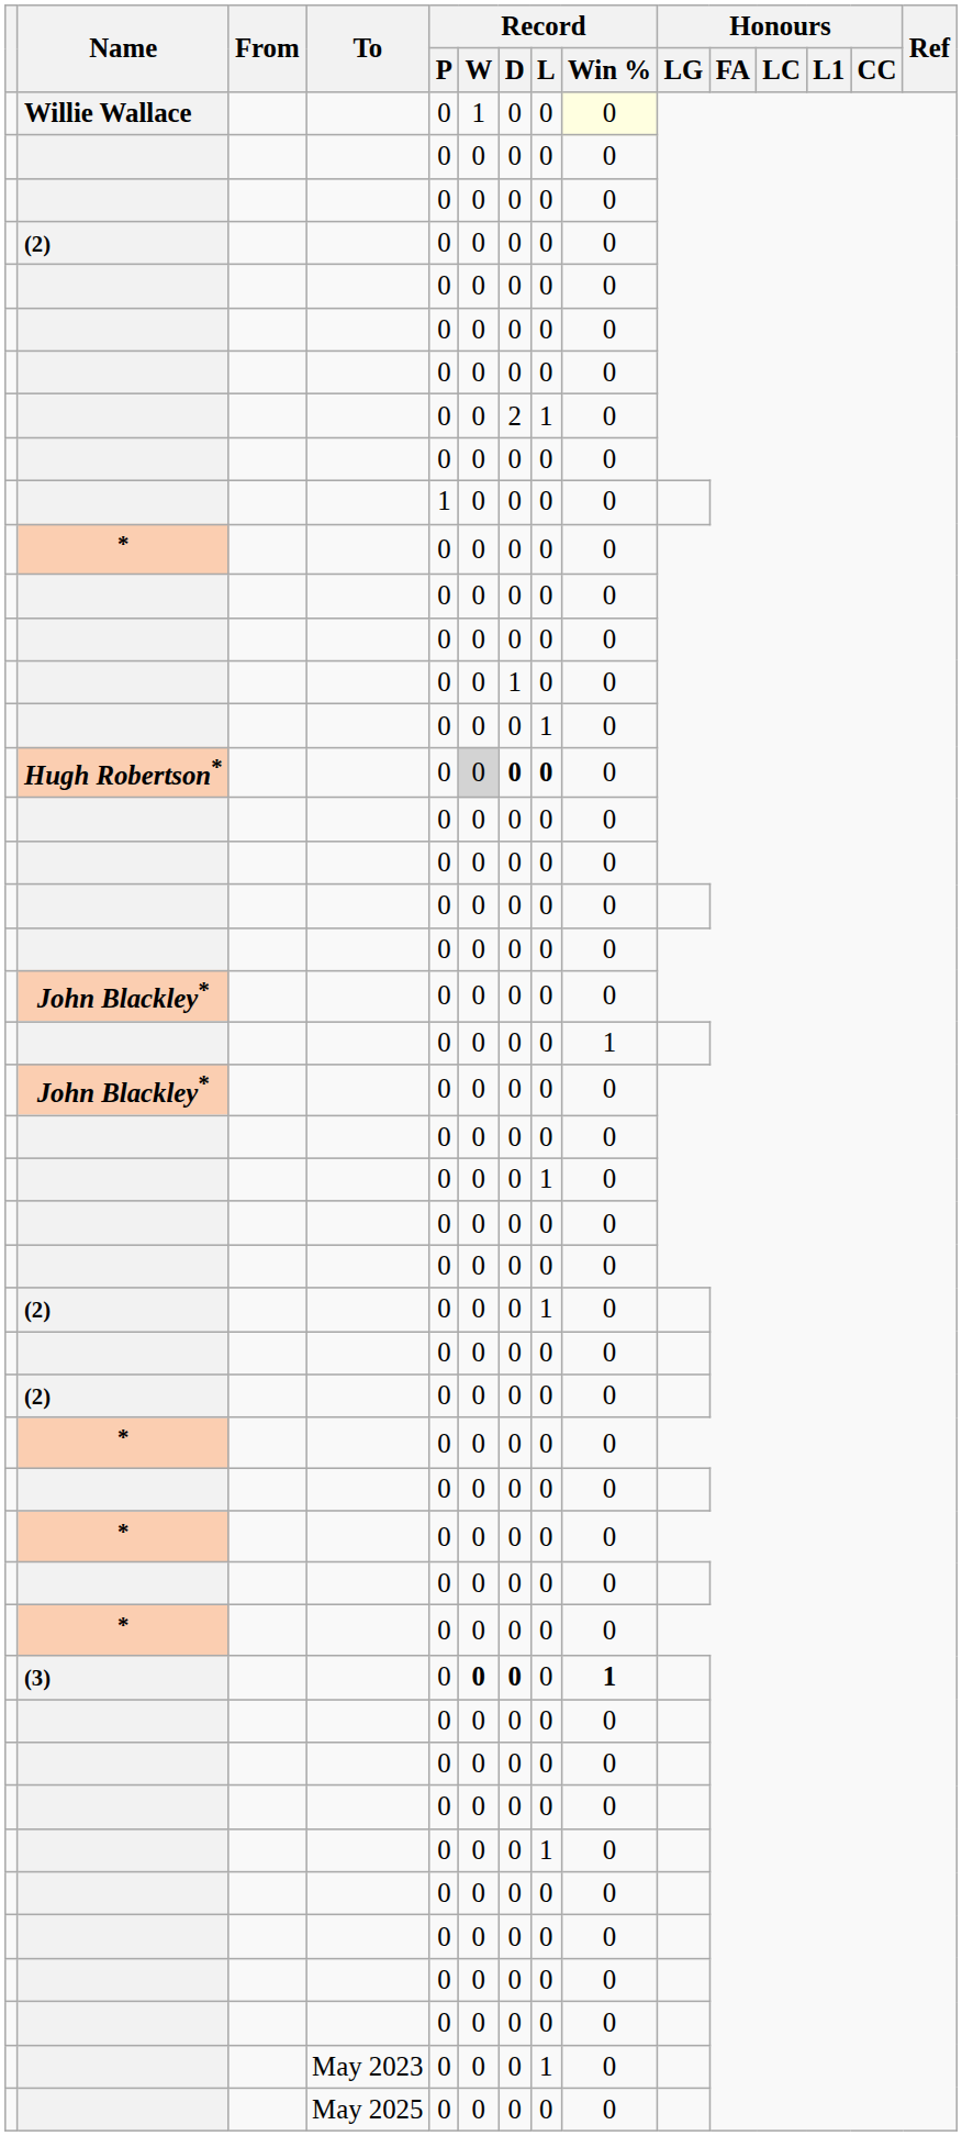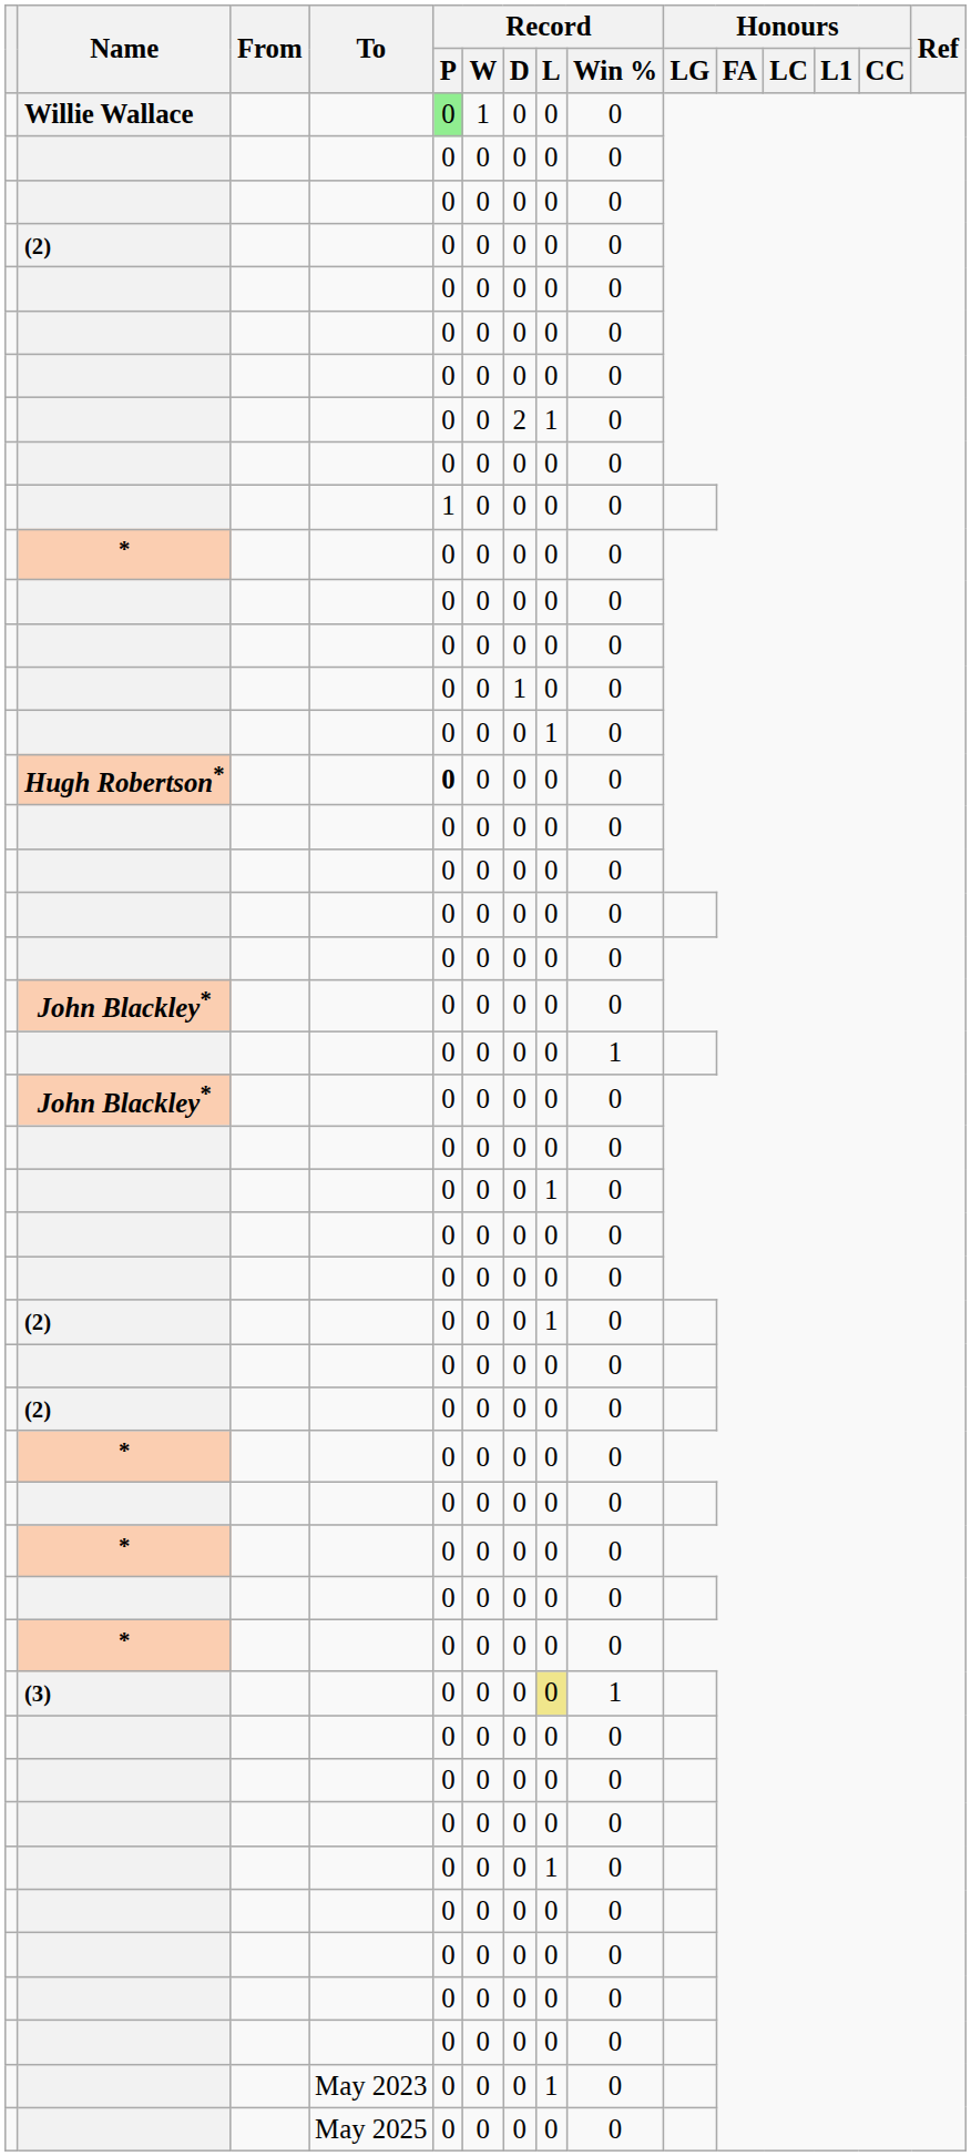 <table class="wikitable plainrowheaders sortable" style="text-align:center">
 <tr>
 <th rowspan="2" scope=col></th>
 <th rowspan="2" scope=col>Name</th>
 <th rowspan="2" scope=col>From</th>
 <th rowspan="2" class="unsortable" scope=col>To</th>
 <th colspan="5">Record</th>
 <th colspan="5">Honours</th>
 <th rowspan="2" class="unsortable">Ref</th>
 </tr>
 <tr>
 <th scope=col>P</th>
 <th scope=col>W</th>
 <th scope=col>D</th>
 <th scope=col>L</th>
 <th scope=col>Win %</th>
 <th scope=col>LG</th>
 <th scope=col>FA</th>
 <th scope=col>LC</th>
 <th scope=col>L1</th>
 <th scope=col>CC</th>
 </tr>
 <tr>
 <td></td>
 <th scope=row style=text-align:left>Willie Wallace</th>
 <td align=left></td>
 <td align=left><br></td>
-<td>0</td>
+<td style="background: lightgreen;">0</td>
 <td>1</td>
 <td>0</td>
 <td>0</td>
-<td style="background: lightyellow;">0</td>
+<td>0</td>
 </tr>
 <tr>
 <td></td>
 <th scope=row style=text-align:left></th>
 <td align=left></td>
 <td align=left><br></td>
 <td>0</td>
 <td>0</td>
 <td>0</td>
 <td>0</td>
 <td>0</td>
 </tr>
 <tr>
 <td></td>
 <th scope=row style=text-align:left></th>
 <td align=left></td>
 <td align=left><br></td>
 <td>0</td>
 <td>0</td>
 <td>0</td>
 <td>0</td>
 <td>0</td>
 </tr>
 <tr>
 <td></td>
 <th scope=row style=text-align:left> <small>(2)</small></th>
 <td align=left></td>
 <td align=left><br></td>
 <td>0</td>
 <td>0</td>
 <td>0</td>
 <td>0</td>
 <td>0</td>
 </tr>
 <tr>
 <td></td>
 <th scope=row style=text-align:left></th>
 <td align=left></td>
 <td align=left><br></td>
 <td>0</td>
 <td>0</td>
 <td>0</td>
 <td>0</td>
 <td>0</td>
 </tr>
 <tr>
 <td></td>
 <th scope=row style=text-align:left></th>
 <td align=left></td>
 <td align=left><br></td>
 <td>0</td>
 <td>0</td>
 <td>0</td>
 <td>0</td>
 <td>0</td>
 </tr>
 <tr>
 <td></td>
 <th scope=row style=text-align:left></th>
 <td align=left></td>
 <td align=left><br></td>
 <td>0</td>
 <td>0</td>
 <td>0</td>
 <td>0</td>
 <td>0</td>
 </tr>
 <tr>
 <td></td>
 <th scope=row style=text-align:left></th>
 <td align=left></td>
 <td align=left><br></td>
 <td>0</td>
 <td>0</td>
 <td>2</td>
 <td>1</td>
 <td>0</td>
 </tr>
 <tr>
 <td></td>
 <th scope=row style=text-align:left></th>
 <td align=left></td>
 <td align=left><br></td>
 <td>0</td>
 <td>0</td>
 <td>0</td>
 <td>0</td>
 <td>0</td>
 </tr>
 <tr>
 <td></td>
 <th scope=row style=text-align:left></th>
 <td align=left></td>
 <td align=left><br></td>
 <td>1</td>
 <td>0</td>
 <td>0</td>
 <td>0</td>
 <td>0</td>
 <td></td>
 </tr>
 <tr>
 <td></td>
 <th scope=row style=background:#FBCEB1><em></em><sup>*</sup></th>
 <td align=left></td>
 <td align=left><br></td>
 <td>0</td>
 <td>0</td>
 <td>0</td>
 <td>0</td>
 <td>0</td>
 </tr>
 <tr>
 <td></td>
 <th scope=row style=text-align:left></th>
 <td align=left></td>
 <td align=left><br></td>
 <td>0</td>
 <td>0</td>
 <td>0</td>
 <td>0</td>
 <td>0</td>
 </tr>
 <tr>
 <td></td>
 <th scope=row style=text-align:left></th>
 <td align=left></td>
 <td align=left><br></td>
 <td>0</td>
 <td>0</td>
 <td>0</td>
 <td>0</td>
 <td>0</td>
 </tr>
 <tr>
 <td></td>
 <th scope=row style=text-align:left></th>
 <td align=left></td>
 <td align=left><br></td>
 <td>0</td>
 <td>0</td>
 <td>1</td>
 <td>0</td>
 <td>0</td>
 </tr>
 <tr>
 <td></td>
 <th scope=row style=text-align:left></th>
 <td align=left></td>
 <td align=left><br></td>
 <td>0</td>
 <td>0</td>
 <td>0</td>
 <td>1</td>
 <td>0</td>
 </tr>
 <tr>
 <td></td>
 <th scope=row style=background:#FBCEB1><em>Hugh Robertson</em><sup>*</sup></th>
 <td align=left></td>
 <td align=left><br></td>
+<td><strong>0</strong></td>
 <td>0</td>
-<td style="background: lightgrey;">0</td>
-<td><strong>0</strong></td>
-<td><strong>0</strong></td>
+<td>0</td>
+<td>0</td>
 <td>0</td>
 </tr>
 <tr>
 <td></td>
 <th scope=row style=text-align:left></th>
 <td align=left></td>
 <td align=left><br></td>
 <td>0</td>
 <td>0</td>
 <td>0</td>
 <td>0</td>
 <td>0</td>
 </tr>
 <tr>
 <td></td>
 <th scope=row style=text-align:left></th>
 <td align=left></td>
 <td align=left><br></td>
 <td>0</td>
 <td>0</td>
 <td>0</td>
 <td>0</td>
 <td>0</td>
 </tr>
 <tr>
 <td></td>
 <th scope=row style=text-align:left></th>
 <td align=left></td>
 <td align=left><br></td>
 <td>0</td>
 <td>0</td>
 <td>0</td>
 <td>0</td>
 <td>0</td>
 <td></td>
 </tr>
 <tr>
 <td></td>
 <th scope=row style=text-align:left></th>
 <td align=left></td>
 <td align=left><br></td>
 <td>0</td>
 <td>0</td>
 <td>0</td>
 <td>0</td>
 <td>0</td>
 </tr>
 <tr>
 <td></td>
 <th scope=row style=background:#FBCEB1><em>John Blackley</em><sup>*</sup></th>
 <td align=left></td>
 <td align=left><br></td>
 <td>0</td>
 <td>0</td>
 <td>0</td>
 <td>0</td>
 <td>0</td>
 </tr>
 <tr>
 <td></td>
 <th scope=row style=text-align:left></th>
 <td align=left></td>
 <td align=left><br></td>
 <td>0</td>
 <td>0</td>
 <td>0</td>
 <td>0</td>
 <td>1</td>
 <td></td>
 </tr>
 <tr>
 <td></td>
 <th scope=row style=background:#FBCEB1><em>John Blackley</em><sup>*</sup></th>
 <td align=left></td>
 <td align=left><br></td>
 <td>0</td>
 <td>0</td>
 <td>0</td>
 <td>0</td>
 <td>0</td>
 </tr>
 <tr>
 <td></td>
 <th scope=row style=text-align:left></th>
 <td align=left></td>
 <td align=left><br></td>
 <td>0</td>
 <td>0</td>
 <td>0</td>
 <td>0</td>
 <td>0</td>
 </tr>
 <tr>
 <td></td>
 <th scope=row style=text-align:left></th>
 <td align=left></td>
 <td align=left><br></td>
 <td>0</td>
 <td>0</td>
 <td>0</td>
 <td>1</td>
 <td>0</td>
 </tr>
 <tr>
 <td></td>
 <th scope=row style=text-align:left></th>
 <td align=left></td>
 <td align=left><br></td>
 <td>0</td>
 <td>0</td>
 <td>0</td>
 <td>0</td>
 <td>0</td>
 </tr>
 <tr>
 <td></td>
 <th scope=row style=text-align:left></th>
 <td align=left></td>
 <td align=left><br></td>
 <td>0</td>
 <td>0</td>
 <td>0</td>
 <td>0</td>
 <td>0</td>
 </tr>
 <tr>
 <td></td>
 <th scope=row style=text-align:left> <small>(2)</small></th>
 <td align=left></td>
 <td align=left><br></td>
 <td>0</td>
 <td>0</td>
 <td>0</td>
 <td>1</td>
 <td>0</td>
 <td></td>
 </tr>
 <tr>
 <td></td>
 <th scope=row style=text-align:left></th>
 <td align=left></td>
 <td align=left><br></td>
 <td>0</td>
 <td>0</td>
 <td>0</td>
 <td>0</td>
 <td>0</td>
 <td></td>
 </tr>
 <tr>
 <td></td>
 <th scope=row style=text-align:left> <small>(2)</small></th>
 <td align=left></td>
 <td align=left><br></td>
 <td>0</td>
 <td>0</td>
 <td>0</td>
 <td>0</td>
 <td>0</td>
 <td></td>
 </tr>
 <tr>
 <td></td>
 <th scope=row style=background:#FBCEB1><em></em><sup>*</sup></th>
 <td align=left></td>
 <td align=left><br></td>
 <td>0</td>
 <td>0</td>
 <td>0</td>
 <td>0</td>
 <td>0</td>
 </tr>
 <tr>
 <td></td>
 <th scope=row style=text-align:left></th>
 <td align=left></td>
 <td align=left><br></td>
 <td>0</td>
 <td>0</td>
 <td>0</td>
 <td>0</td>
 <td>0</td>
 <td></td>
 </tr>
 <tr>
 <td></td>
 <th scope=row style=background:#FBCEB1><em></em><sup>*</sup></th>
 <td align=left></td>
 <td align=left><br></td>
 <td>0</td>
 <td>0</td>
 <td>0</td>
 <td>0</td>
 <td>0</td>
 </tr>
 <tr>
 <td></td>
 <th scope=row style=text-align:left></th>
 <td align=left></td>
 <td align=left><br></td>
 <td>0</td>
 <td>0</td>
 <td>0</td>
 <td>0</td>
 <td>0</td>
 <td></td>
 </tr>
 <tr>
 <td></td>
 <th scope=row style=background:#FBCEB1><em></em><sup>*</sup></th>
 <td align=left></td>
 <td align=left><br></td>
 <td>0</td>
 <td>0</td>
 <td>0</td>
 <td>0</td>
 <td>0</td>
 </tr>
 <tr>
 <td></td>
 <th scope=row style=text-align:left> <small>(3)</small></th>
 <td align=left></td>
 <td align=left><br></td>
 <td>0</td>
-<td><strong>0</strong></td>
-<td><strong>0</strong></td>
 <td>0</td>
-<td><strong>1</strong></td>
+<td>0</td>
+<td style="background: khaki;">0</td>
+<td>1</td>
 <td></td>
 </tr>
 <tr>
 <td></td>
 <th scope=row style=text-align:left></th>
 <td align=left></td>
 <td align=left><br></td>
 <td>0</td>
 <td>0</td>
 <td>0</td>
 <td>0</td>
 <td>0</td>
 <td></td>
 </tr>
 <tr>
 <td></td>
 <th scope=row style=text-align:left></th>
 <td align=left></td>
 <td align=left><br></td>
 <td>0</td>
 <td>0</td>
 <td>0</td>
 <td>0</td>
 <td>0</td>
 <td></td>
 </tr>
 <tr>
 <td></td>
 <th scope=row style=text-align:left></th>
 <td align=left></td>
 <td align=left><br></td>
 <td>0</td>
 <td>0</td>
 <td>0</td>
 <td>0</td>
 <td>0</td>
 <td></td>
 </tr>
 <tr>
 <td></td>
 <th scope=row style=text-align:left></th>
 <td align=left></td>
 <td align=left><br></td>
 <td>0</td>
 <td>0</td>
 <td>0</td>
 <td>1</td>
 <td>0</td>
 <td></td>
 </tr>
 <tr>
 <td></td>
 <th scope=row style=text-align:left></th>
 <td align=left></td>
 <td align=left><br></td>
 <td>0</td>
 <td>0</td>
 <td>0</td>
 <td>0</td>
 <td>0</td>
 <td></td>
 </tr>
 <tr>
 <td></td>
 <th scope=row style=text-align:left></th>
 <td align=left></td>
 <td align=left><br></td>
 <td>0</td>
 <td>0</td>
 <td>0</td>
 <td>0</td>
 <td>0</td>
 <td></td>
 </tr>
 <tr>
 <td></td>
 <th scope=row style=text-align:left></th>
 <td align=left></td>
 <td align=left><br></td>
 <td>0</td>
 <td>0</td>
 <td>0</td>
 <td>0</td>
 <td>0</td>
 <td></td>
 </tr>
 <tr>
 <td></td>
 <th scope=row style=text-align:left></th>
 <td align=left></td>
 <td align=left><br></td>
 <td>0</td>
 <td>0</td>
 <td>0</td>
 <td>0</td>
 <td>0</td>
 <td></td>
 </tr>
 <tr>
 <td></td>
 <th scope=row style=text-align:left></th>
 <td align=left></td>
 <td align=left>May 2023<br></td>
 <td>0</td>
 <td>0</td>
 <td>0</td>
 <td>1</td>
 <td>0</td>
 <td></td>
 </tr>
 <tr>
 <td></td>
 <th scope=row style=text-align:left></th>
 <td align=left></td>
 <td align=left>May 2025<br></td>
 <td>0</td>
 <td>0</td>
 <td>0</td>
 <td>0</td>
 <td>0</td>
 <td></td>
 </tr>
 </table>
